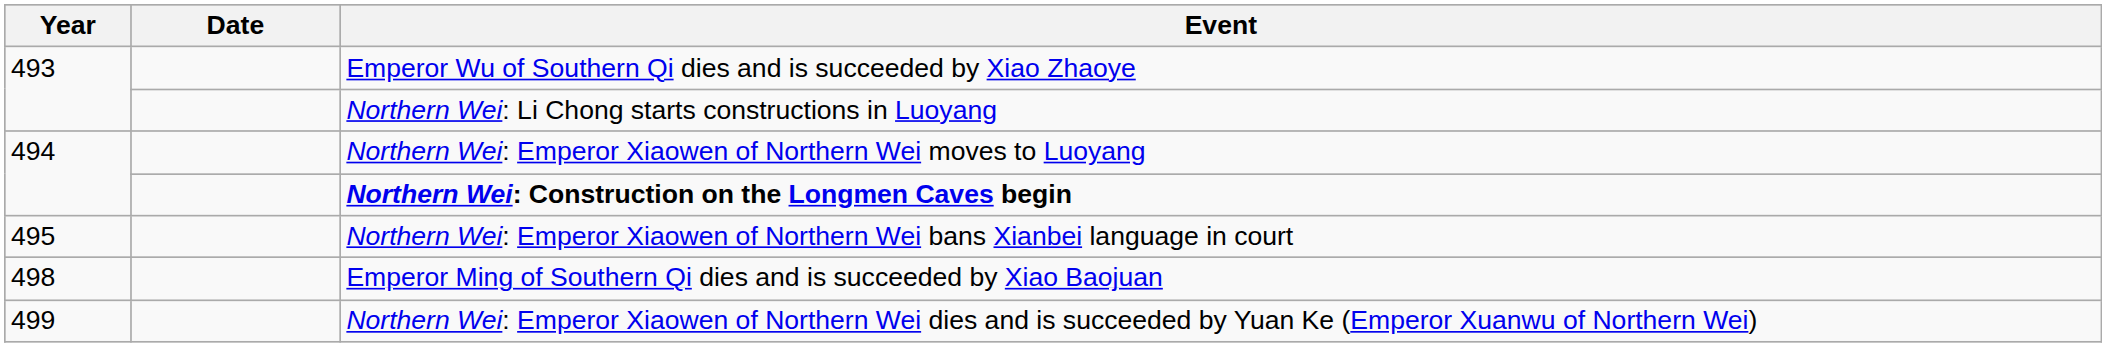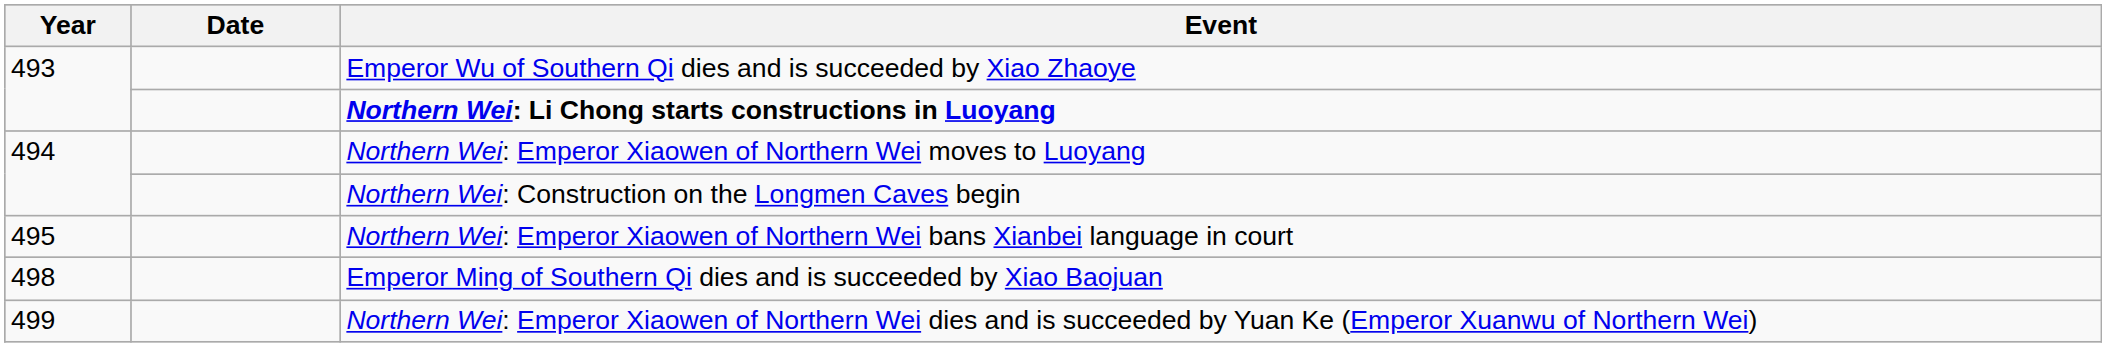 <table class="wikitable" style="width:100%;">
 <tr>
 <th style="width:6%">Year</th>
 <th style="width:10%">Date</th>
 <th>Event</th>
 </tr>
 <tr>
 <td rowspan="2" style="vertical-align:top;">493</td>
 <td></td>
 <td><a href='#'>Emperor Wu of Southern Qi</a> dies and is succeeded by <a href='#'>Xiao Zhaoye</a></td>
 </tr>
 <tr>
 <td></td>
-<td><em><a href='#'>Northern Wei</a></em>: Li Chong starts constructions in <a href='#'>Luoyang</a></td>
+<td><strong><em><a href='#'>Northern Wei</a></em>: Li Chong starts constructions in <a href='#'>Luoyang</a></strong></td>
 </tr>
 <tr>
 <td rowspan="2" style="vertical-align:top;">494</td>
 <td></td>
 <td><em><a href='#'>Northern Wei</a></em>: <a href='#'>Emperor Xiaowen of Northern Wei</a> moves to <a href='#'>Luoyang</a></td>
 </tr>
 <tr>
 <td></td>
-<td><strong><em><a href='#'>Northern Wei</a></em>: Construction on the <a href='#'>Longmen Caves</a> begin</strong></td>
+<td><em><a href='#'>Northern Wei</a></em>: Construction on the <a href='#'>Longmen Caves</a> begin</td>
 </tr>
 <tr>
 <td>495</td>
 <td></td>
 <td><em><a href='#'>Northern Wei</a></em>: <a href='#'>Emperor Xiaowen of Northern Wei</a> bans <a href='#'>Xianbei</a> language in court</td>
 </tr>
 <tr>
 <td>498</td>
 <td></td>
 <td><a href='#'>Emperor Ming of Southern Qi</a> dies and is succeeded by <a href='#'>Xiao Baojuan</a></td>
 </tr>
 <tr>
 <td>499</td>
 <td></td>
 <td><em><a href='#'>Northern Wei</a></em>: <a href='#'>Emperor Xiaowen of Northern Wei</a> dies and is succeeded by Yuan Ke (<a href='#'>Emperor Xuanwu of Northern Wei</a>)</td>
 </tr>
 </table>
